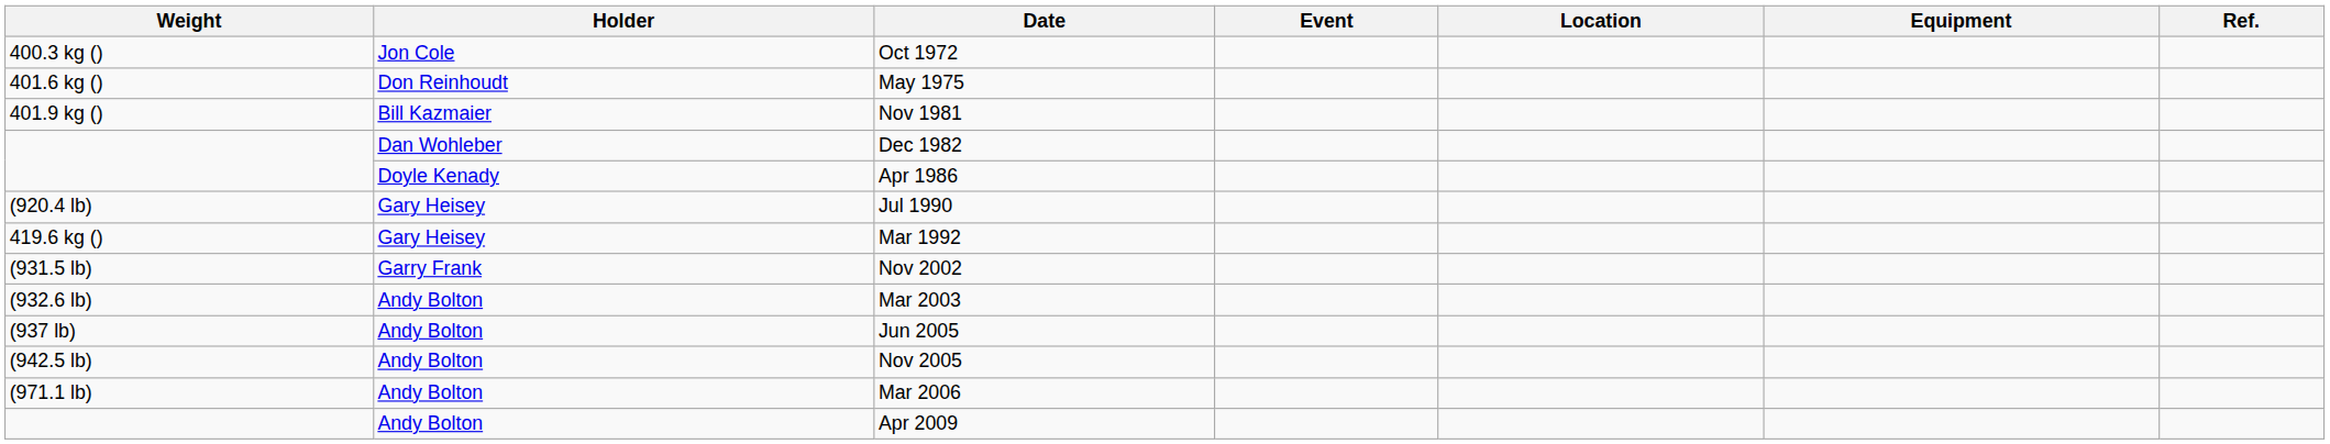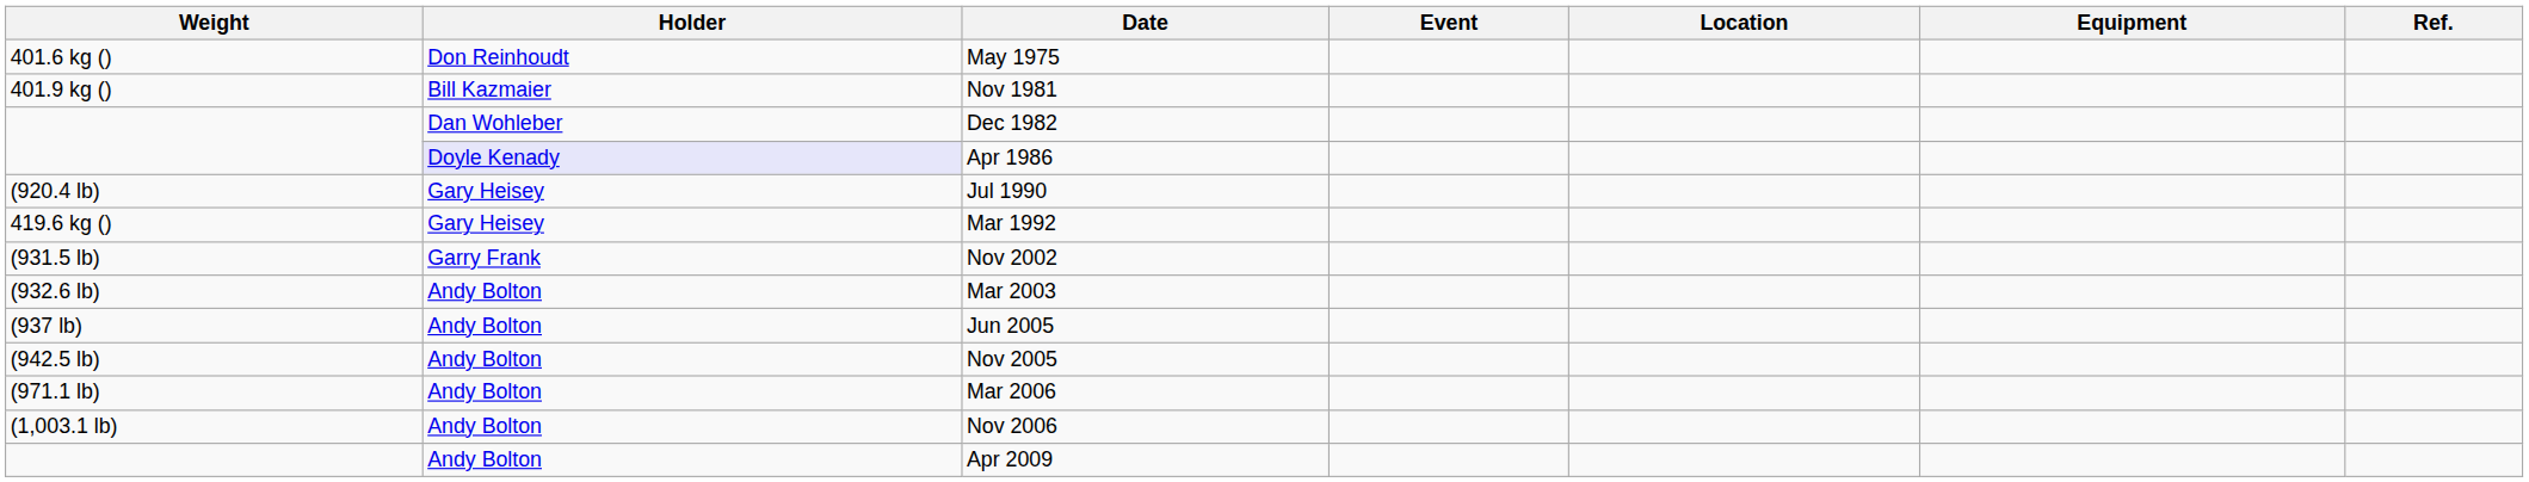 <table class="wikitable sortable" style="display: inline-table;width: 120%;">
 <tr>
 <th scope="col">Weight</th>
 <th scope="col">Holder</th>
 <th scope="col" class="unsortable">Date</th>
 <th scope="col" class="unsortable">Event</th>
 <th scope="col">Location</th>
 <th scope="col" class="unsortable">Equipment</th>
 <th scope="col" class="unsortable">Ref.</th>
-</tr>
-<tr>
-<td>400.3 kg ()</td>
-<td> <a href='#'>Jon Cole</a></td>
-<td>Oct 1972</td>
-<td></td>
-<td></td>
-<td></td>
-<td></td>
 </tr>
 <tr>
 <td>401.6 kg ()</td>
 <td> <a href='#'>Don Reinhoudt</a></td>
 <td>May 1975</td>
 <td></td>
 <td></td>
 <td></td>
 <td></td>
 </tr>
 <tr>
 <td>401.9 kg ()</td>
 <td> <a href='#'>Bill Kazmaier</a></td>
 <td>Nov 1981</td>
 <td></td>
 <td></td>
 <td></td>
 <td></td>
 </tr>
 <tr>
 <td rowspan="2"></td>
 <td> <a href='#'>Dan Wohleber</a></td>
 <td>Dec 1982</td>
 <td></td>
 <td></td>
 <td></td>
 <td></td>
 </tr>
 <tr>
-<td> <a href='#'>Doyle Kenady</a></td>
+<td style="background: lavender;"> <a href='#'>Doyle Kenady</a></td>
 <td>Apr 1986</td>
 <td></td>
 <td></td>
 <td></td>
 <td></td>
 </tr>
 <tr>
 <td> (920.4 lb)</td>
 <td> <a href='#'>Gary Heisey</a></td>
 <td>Jul 1990</td>
 <td></td>
 <td></td>
 <td></td>
 <td></td>
 </tr>
 <tr>
 <td>419.6 kg ()</td>
 <td> <a href='#'>Gary Heisey</a></td>
 <td>Mar 1992</td>
 <td></td>
 <td></td>
 <td></td>
 <td></td>
 </tr>
 <tr>
 <td> (931.5 lb)</td>
 <td> <a href='#'>Garry Frank</a></td>
 <td>Nov 2002</td>
 <td></td>
 <td></td>
 <td></td>
 <td></td>
 </tr>
 <tr>
 <td> (932.6 lb)</td>
 <td> <a href='#'>Andy Bolton</a></td>
 <td>Mar 2003</td>
 <td></td>
 <td></td>
 <td></td>
 <td></td>
 </tr>
 <tr>
 <td> (937 lb)</td>
 <td> <a href='#'>Andy Bolton</a></td>
 <td>Jun 2005</td>
 <td></td>
 <td></td>
 <td></td>
 <td></td>
 </tr>
 <tr>
 <td> (942.5 lb)</td>
 <td> <a href='#'>Andy Bolton</a></td>
 <td>Nov 2005</td>
 <td></td>
 <td></td>
 <td></td>
 <td></td>
 </tr>
 <tr>
 <td> (971.1 lb)</td>
 <td> <a href='#'>Andy Bolton</a></td>
 <td>Mar 2006</td>
 <td></td>
 <td></td>
 <td></td>
 <td></td>
 </tr>
 <tr>
+<td> (1,003.1 lb)</td>
+<td> <a href='#'>Andy Bolton</a></td>
+<td>Nov 2006</td>
+<td></td>
+<td></td>
+<td></td>
+<td></td>
+</tr>
+<tr>
 <td></td>
 <td> <a href='#'>Andy Bolton</a></td>
 <td>Apr 2009</td>
 <td></td>
 <td></td>
 <td></td>
 <td></td>
 </tr>
 </table>
